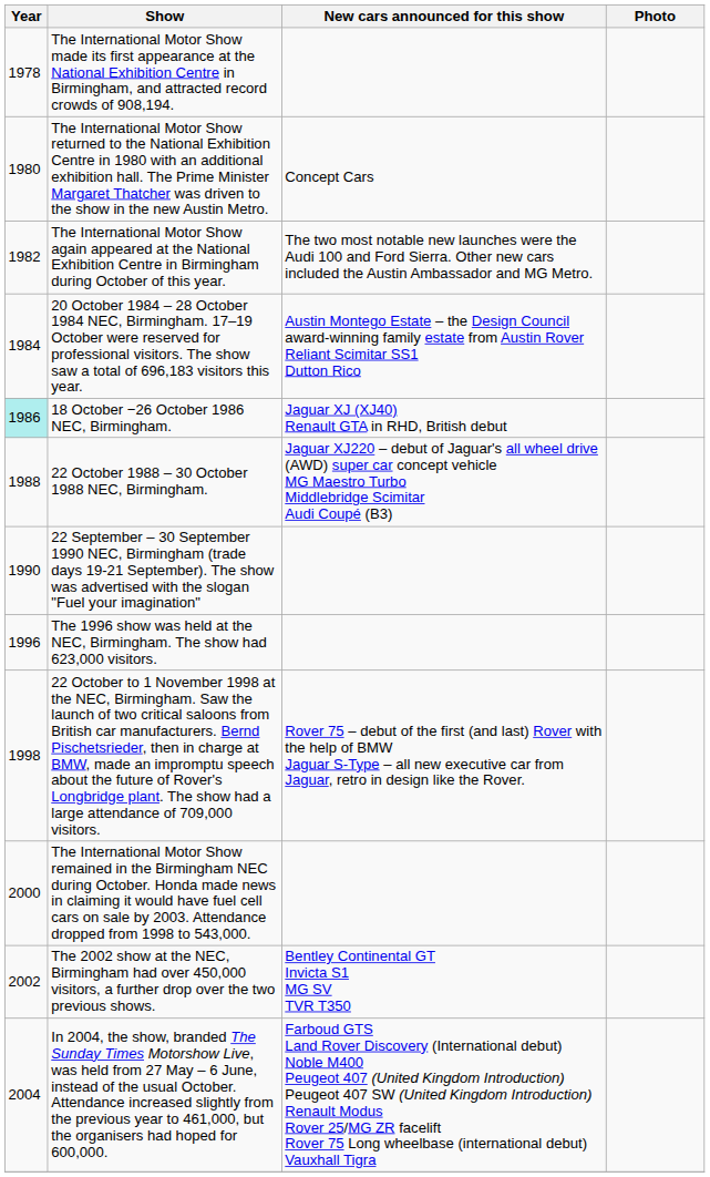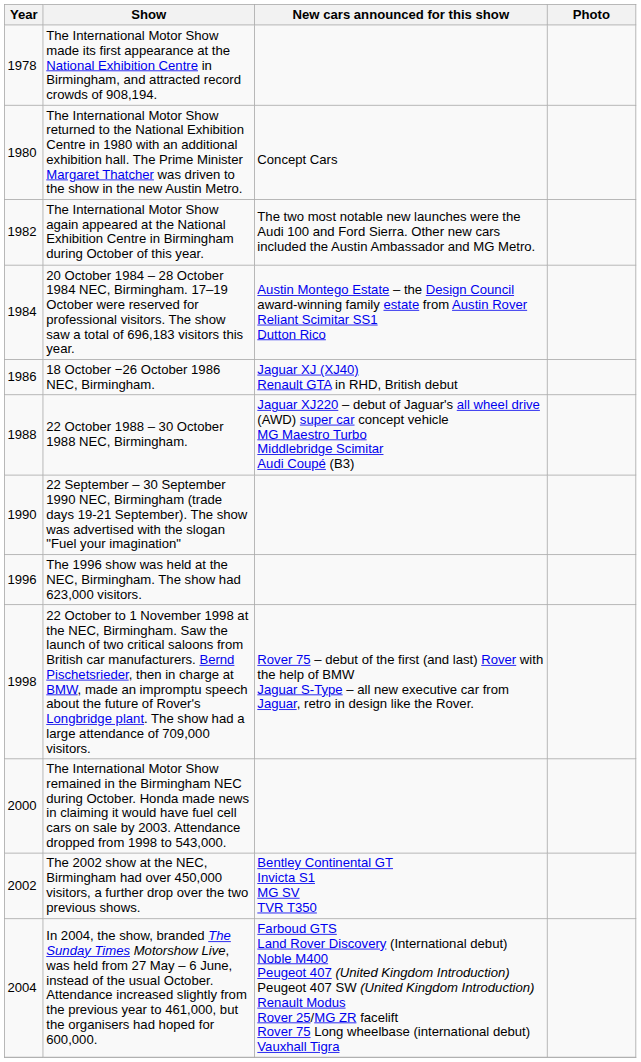 <table class="wikitable">
 <tr>
 <th scope="col" style="width: 40px;">Year</th>
 <th scope="col" style="width: 250px;">Show</th>
 <th scope="col" style="width: 350px;">New cars announced for this show</th>
 <th scope="col" style="width: 100px;">Photo</th>
 </tr>
 <tr>
 <td>1978</td>
 <td>The International Motor Show made its first appearance at the <a href='#'>National Exhibition Centre</a> in Birmingham, and attracted record crowds of 908,194.</td>
 <td></td>
 </tr>
 <tr>
 <td>1980</td>
 <td>The International Motor Show returned to the National Exhibition Centre in 1980 with an additional exhibition hall. The Prime Minister <a href='#'>Margaret Thatcher</a> was driven to the show in the new Austin Metro.</td>
 <td><br>Concept Cars</td>
 <td></td>
 </tr>
 <tr>
 <td>1982</td>
 <td>The International Motor Show again appeared at the National Exhibition Centre in Birmingham during October of this year.</td>
 <td>The two most notable new launches were the Audi 100 and Ford Sierra. Other new cars included the Austin Ambassador and MG Metro.</td>
 <td></td>
 </tr>
 <tr>
 <td>1984</td>
 <td>20 October 1984 – 28 October 1984 NEC, Birmingham. 17–19 October were reserved for professional visitors. The show saw a total of 696,183 visitors this year.</td>
 <td><a href='#'>Austin Montego Estate</a> – the <a href='#'>Design Council</a> award-winning family <a href='#'>estate</a> from <a href='#'>Austin Rover</a><br><a href='#'>Reliant Scimitar SS1</a><br><a href='#'>Dutton Rico</a></td>
 <td></td>
 </tr>
 <tr>
-<td style="background: paleturquoise;">1986</td>
+<td>1986</td>
 <td>18 October −26 October 1986 NEC, Birmingham.</td>
 <td><a href='#'>Jaguar XJ (XJ40)</a><br><a href='#'>Renault GTA</a> in RHD, British debut</td>
 <td></td>
 </tr>
 <tr>
 <td>1988</td>
 <td>22 October 1988 – 30 October 1988 NEC, Birmingham.</td>
 <td><a href='#'>Jaguar XJ220</a> – debut of Jaguar's  <a href='#'>all wheel drive</a> (AWD) <a href='#'>super car</a> concept vehicle<br><a href='#'>MG Maestro Turbo</a><br><a href='#'>Middlebridge Scimitar</a><br><a href='#'>Audi Coupé</a> (B3)</td>
 <td></td>
 </tr>
 <tr>
 <td>1990</td>
 <td>22 September – 30 September 1990 NEC, Birmingham (trade days 19-21 September). The show was advertised with the slogan "Fuel your imagination"</td>
 <td></td>
 <td></td>
 </tr>
 <tr>
 <td>1996</td>
 <td>The 1996 show was held at the NEC, Birmingham. The show had 623,000 visitors.</td>
 <td></td>
 <td></td>
 </tr>
 <tr>
 <td>1998</td>
 <td>22 October to 1 November 1998 at the NEC, Birmingham. Saw the launch of two critical saloons from British car manufacturers. <a href='#'>Bernd Pischetsrieder</a>, then in charge at <a href='#'>BMW</a>, made an impromptu speech about the future of Rover's <a href='#'>Longbridge plant</a>. The show had a large attendance of 709,000 visitors.</td>
 <td><a href='#'>Rover 75</a> – debut of the first (and last) <a href='#'>Rover</a> with the help of BMW<br><a href='#'>Jaguar S-Type</a> – all new executive car from <a href='#'>Jaguar</a>, retro in design like the Rover.</td>
 <td></td>
 </tr>
 <tr>
 <td>2000</td>
 <td>The International Motor Show remained in the Birmingham NEC during October. Honda made news in claiming it would have fuel cell cars on sale by 2003. Attendance dropped from 1998 to 543,000.</td>
 <td></td>
 <td></td>
 </tr>
 <tr>
 <td>2002</td>
 <td>The 2002 show at the NEC, Birmingham had over 450,000 visitors, a further drop over the two previous shows.</td>
 <td><a href='#'>Bentley Continental GT</a><br><a href='#'>Invicta S1</a><br><a href='#'>MG SV</a><br><a href='#'>TVR T350</a></td>
 <td></td>
 </tr>
 <tr>
 <td>2004</td>
 <td>In 2004, the show, branded <em><a href='#'>The Sunday Times</a> Motorshow Live</em>, was held from 27 May – 6 June, instead of the usual October. Attendance increased slightly from the previous year to 461,000, but the organisers had hoped for 600,000.</td>
 <td><a href='#'>Farboud GTS</a><br><a href='#'>Land Rover Discovery</a> (International debut)<br><a href='#'>Noble M400</a><br><a href='#'>Peugeot 407</a> <em>(United Kingdom Introduction)</em><br>Peugeot 407 SW <em>(United Kingdom Introduction)</em><br><a href='#'>Renault Modus</a><br><a href='#'>Rover 25</a>/<a href='#'>MG ZR</a> facelift<br><a href='#'>Rover 75</a> Long wheelbase (international debut)<br><a href='#'>Vauxhall Tigra</a></td>
 <td></td>
 </tr>
 <tr>
 </tr>
 </table>
